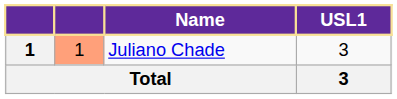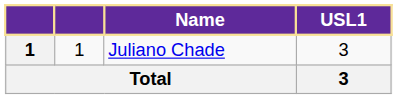 <table class="wikitable" style="text-align:center;">
 <tr>
 <th style="background:#5E299A; color:white; border:2px solid #F8E196; width:35px;"></th>
 <th style="background:#5E299A; color:white; border:2px solid #F8E196; width:35px;"></th>
 <th scope="col" style="background:#5E299A; color:white; border:2px solid #F8E196; width:160px;"><strong>Name</strong></th>
 <th style="background:#5E299A; color:white; border:2px solid #F8E196; width:75px;"><strong>USL1</strong></th>
 </tr>
 <tr>
 <th>1</th>
-<td style="background: lightsalmon;">1</td>
+<td>1</td>
 <td align="left"> <a href='#'>Juliano Chade</a></td>
 <td>3</td>
 </tr>
 <tr>
 <th colspan="3">Total</th>
 <th>3</th>
 </tr>
 </table>
